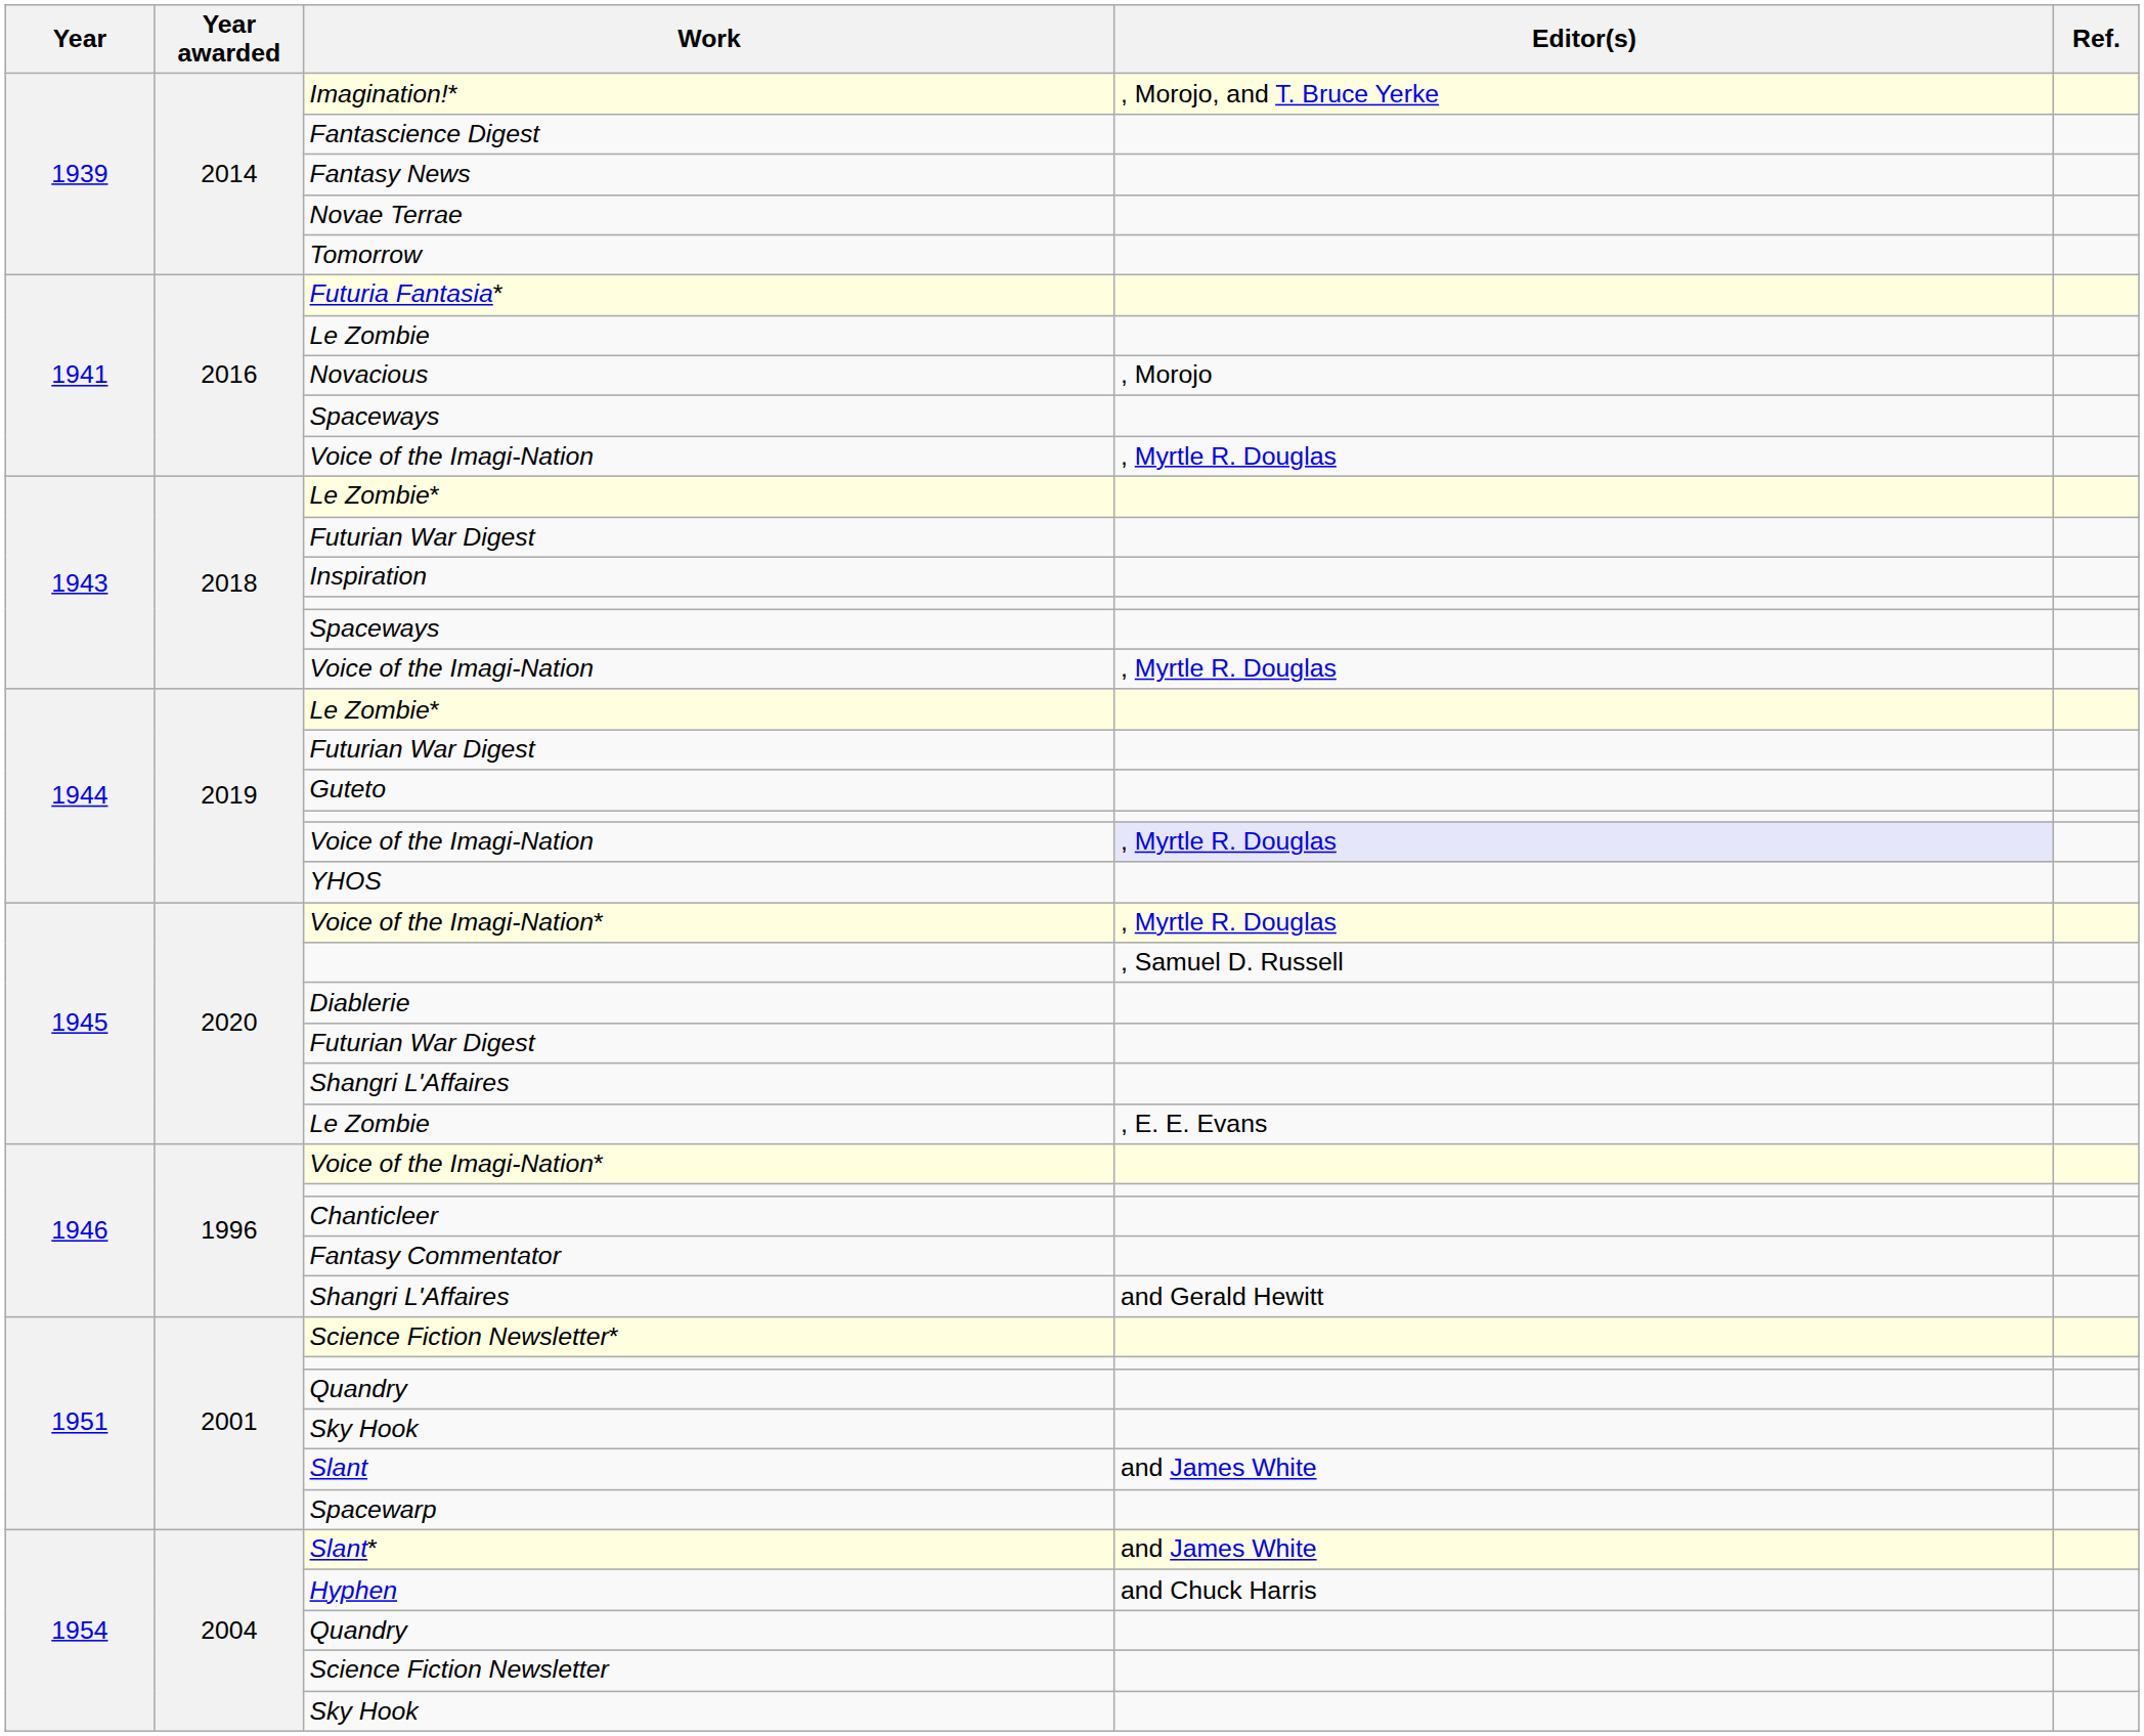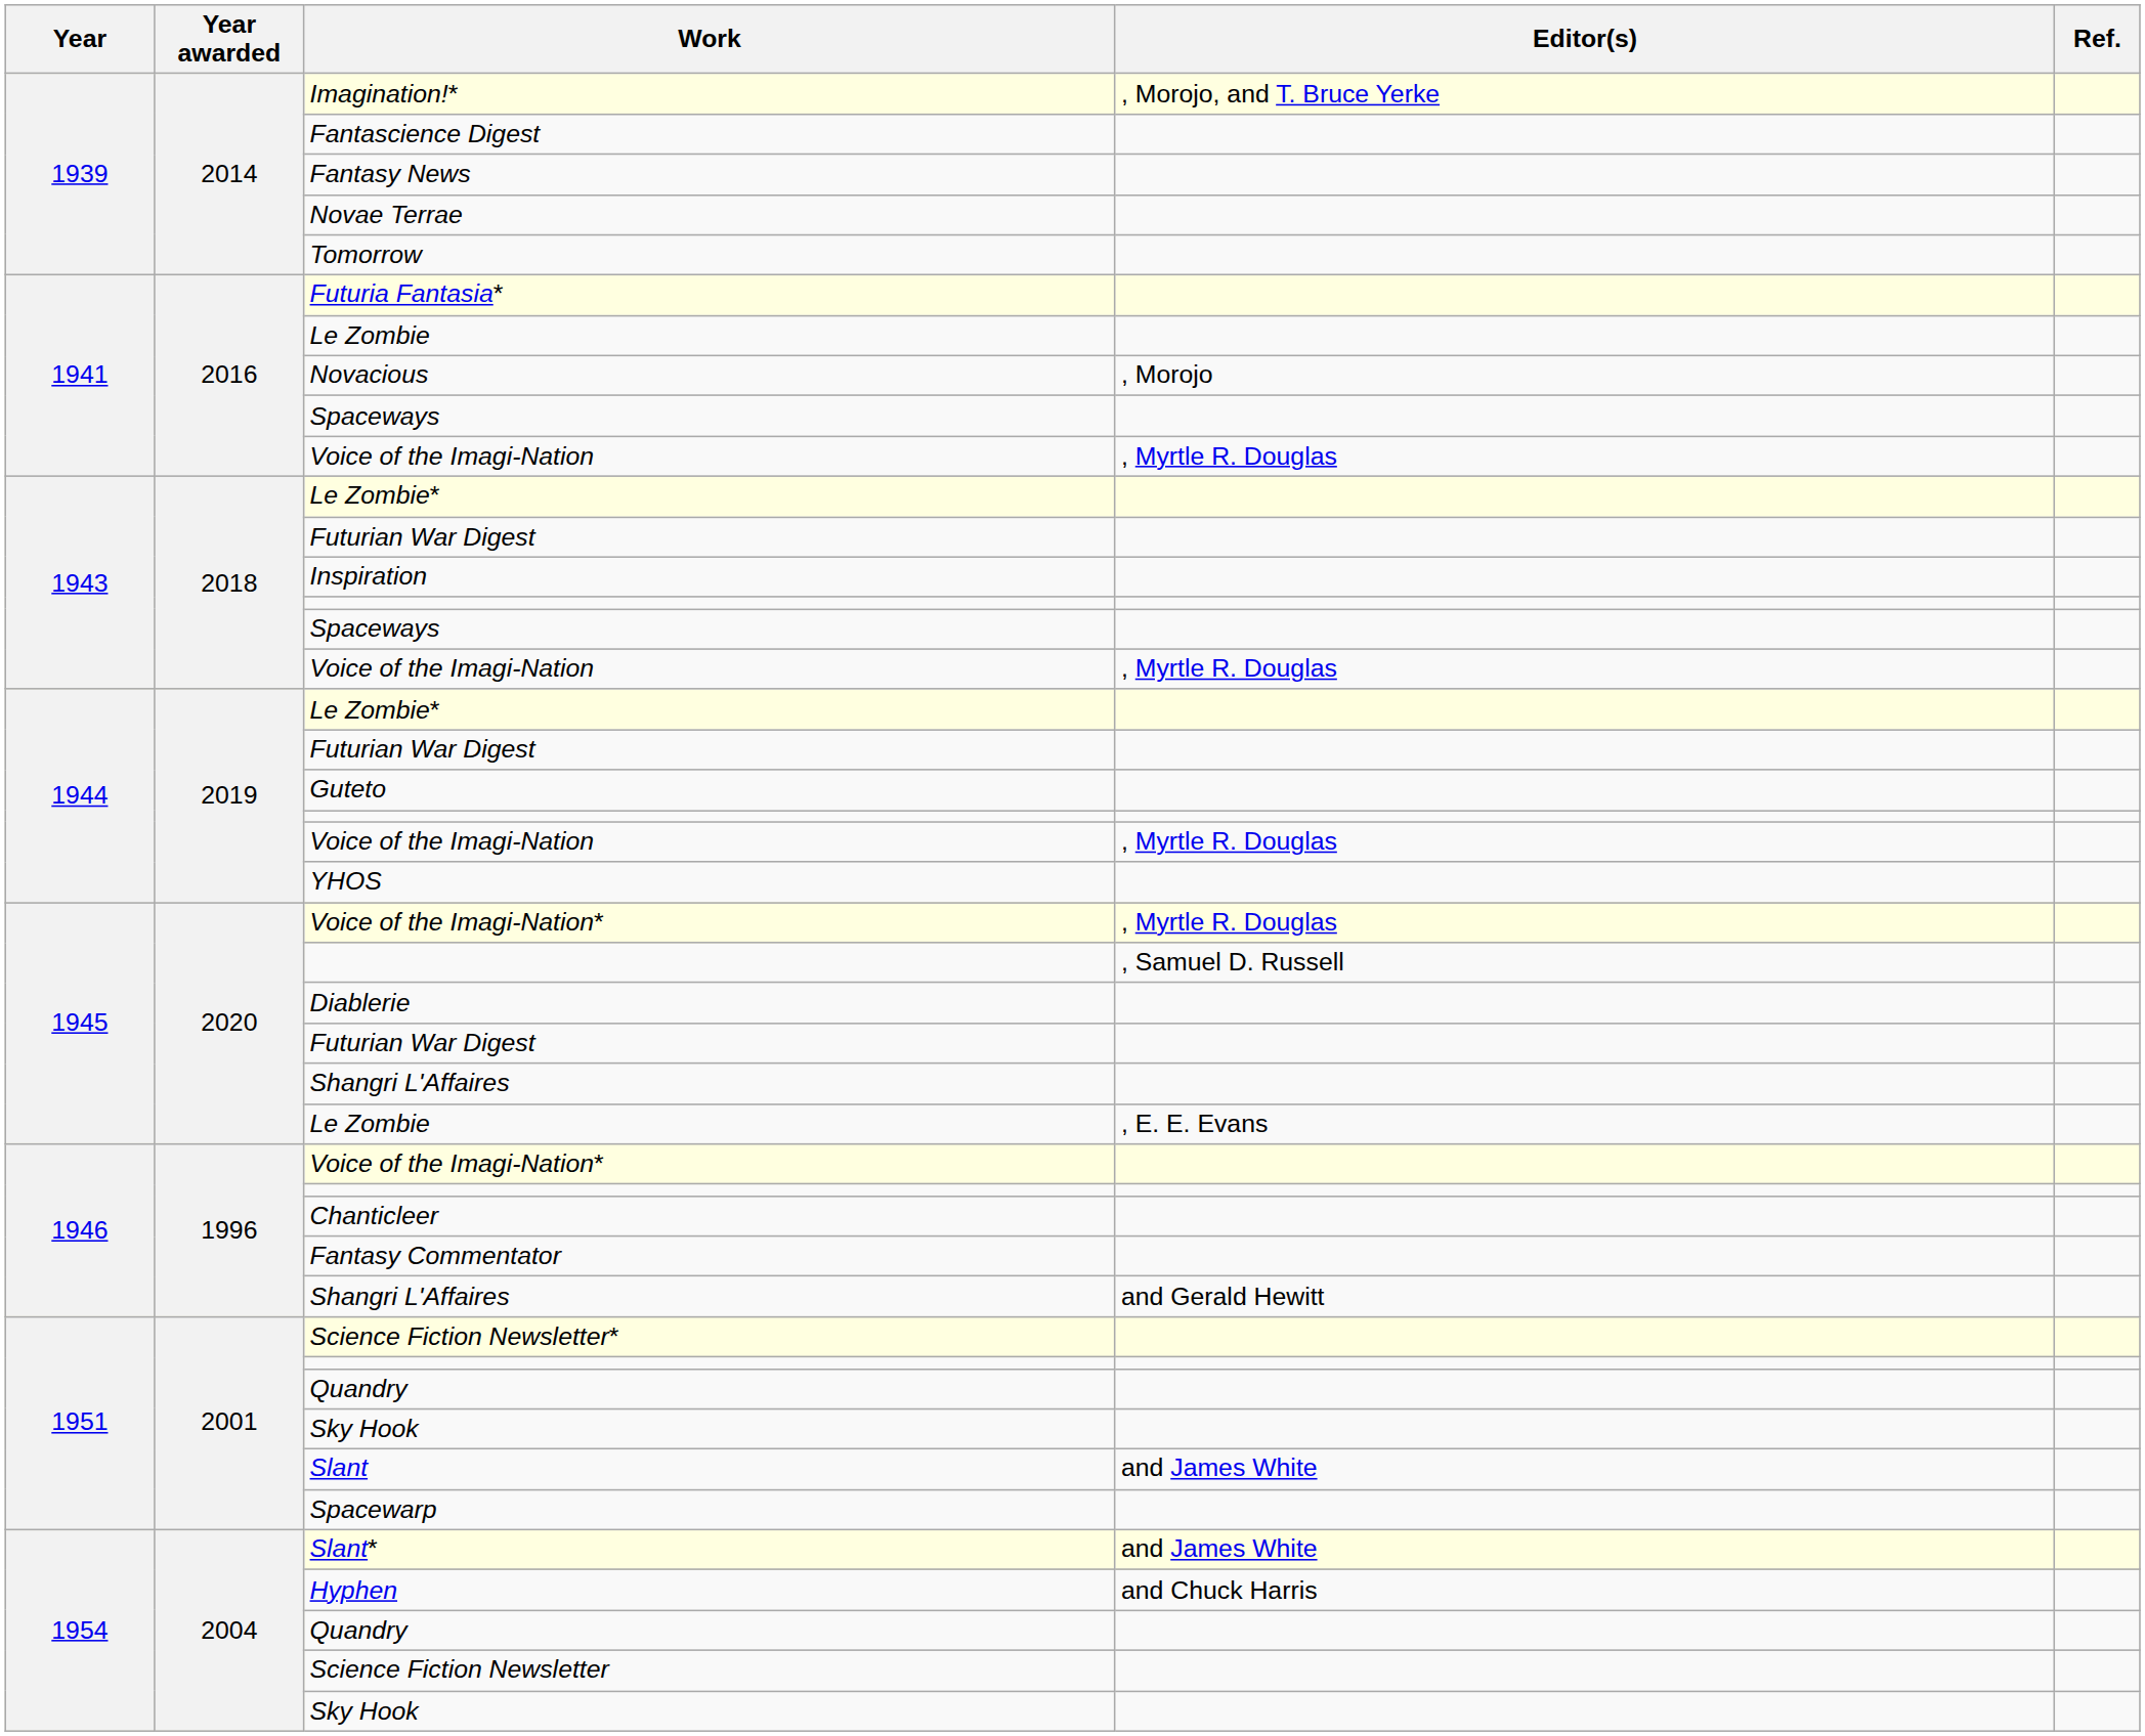 <table class="sortable wikitable" width="85%" cellpadding="5" style="margin: 1em auto 1em auto">
 <tr>
 <th width="7%" scope="col">Year</th>
 <th width="7%" scope="col">Year awarded</th>
 <th width="38%" scope="col">Work</th>
 <th width="44%" scope="col">Editor(s)</th>
 <th width="4%" scope="col" class="unsortable">Ref.</th>
 </tr>
 <tr style="background:lightyellow;">
 <th scope="rowgroup" align="center" rowspan="5" style="font-weight:normal;"><a href='#'>1939</a></th>
 <th align="center" rowspan="5" style="font-weight:normal;">2014</th>
 <td><em>Imagination!</em>*</td>
 <td>, Morojo, and <a href='#'>T. Bruce Yerke</a></td>
 <td align="center"></td>
 </tr>
 <tr>
 <td><em>Fantascience Digest</em></td>
 <td></td>
 <td align="center"></td>
 </tr>
 <tr>
 <td><em>Fantasy News</em></td>
 <td></td>
 <td align="center"></td>
 </tr>
 <tr>
 <td><em>Novae Terrae</em></td>
 <td></td>
 <td align="center"></td>
 </tr>
 <tr>
 <td><em>Tomorrow</em></td>
 <td></td>
 <td align="center"></td>
 </tr>
 <tr style="background:lightyellow;">
 <th scope="rowgroup" align="center" rowspan="5" style="font-weight:normal;"><a href='#'>1941</a></th>
 <th align="center" rowspan="5" style="font-weight:normal;">2016</th>
 <td><em><a href='#'>Futuria Fantasia</a></em>*</td>
 <td></td>
 <td align="center"></td>
 </tr>
 <tr>
 <td><em>Le Zombie</em></td>
 <td></td>
 <td align="center"></td>
 </tr>
 <tr>
 <td><em>Novacious</em></td>
 <td>, Morojo</td>
 <td align="center"></td>
 </tr>
 <tr>
 <td><em>Spaceways</em></td>
 <td></td>
 <td align="center"></td>
 </tr>
 <tr>
 <td><em>Voice of the Imagi-Nation</em></td>
 <td>, <a href='#'>Myrtle R. Douglas</a></td>
 <td align="center"></td>
 </tr>
 <tr style="background:lightyellow;">
 <th scope="rowgroup" align="center" rowspan="6" style="font-weight:normal;"><a href='#'>1943</a></th>
 <th align="center" rowspan="6" style="font-weight:normal;">2018</th>
 <td><em>Le Zombie</em>*</td>
 <td></td>
 <td align="center"></td>
 </tr>
 <tr>
 <td><em>Futurian War Digest</em></td>
 <td></td>
 <td align="center"></td>
 </tr>
 <tr>
 <td><em>Inspiration</em></td>
 <td></td>
 <td align="center"></td>
 </tr>
 <tr>
 <td><em></em></td>
 <td></td>
 <td align="center"></td>
 </tr>
 <tr>
 <td><em>Spaceways</em></td>
 <td></td>
 <td align="center"></td>
 </tr>
 <tr>
 <td><em>Voice of the Imagi-Nation</em></td>
 <td>, <a href='#'>Myrtle R. Douglas</a></td>
 <td align="center"></td>
 </tr>
 <tr style="background:lightyellow;">
 <th scope="rowgroup" align="center" rowspan="6" style="font-weight:normal;"><a href='#'>1944</a></th>
 <th align="center" rowspan="6" style="font-weight:normal;">2019</th>
 <td><em>Le Zombie</em>*</td>
 <td></td>
 <td align="center"></td>
 </tr>
 <tr>
 <td><em>Futurian War Digest</em></td>
 <td></td>
 <td align="center"></td>
 </tr>
 <tr>
 <td><em>Guteto</em></td>
 <td></td>
 <td align="center"></td>
 </tr>
 <tr>
 <td><em></em></td>
 <td></td>
 <td align="center"></td>
 </tr>
 <tr>
 <td><em>Voice of the Imagi-Nation</em></td>
-<td style="background: lavender;">, <a href='#'>Myrtle R. Douglas</a></td>
+<td>, <a href='#'>Myrtle R. Douglas</a></td>
 <td align="center"></td>
 </tr>
 <tr>
 <td><em>YHOS</em></td>
 <td></td>
 <td align="center"></td>
 </tr>
 <tr style="background:lightyellow;">
 <th scope="rowgroup" align="center" rowspan="6" style="font-weight:normal;"><a href='#'>1945</a></th>
 <th align="center" rowspan="6" style="font-weight:normal;">2020</th>
 <td><em>Voice of the Imagi-Nation</em>*</td>
 <td>, <a href='#'>Myrtle R. Douglas</a></td>
 <td align="center"></td>
 </tr>
 <tr>
 <td></td>
 <td>, Samuel D. Russell</td>
 <td align="center"></td>
 </tr>
 <tr>
 <td><em>Diablerie</em></td>
 <td></td>
 <td align="center"></td>
 </tr>
 <tr>
 <td><em>Futurian War Digest</em></td>
 <td></td>
 <td align="center"></td>
 </tr>
 <tr>
 <td><em>Shangri L'Affaires</em></td>
 <td></td>
 <td align="center"></td>
 </tr>
 <tr>
 <td><em>Le Zombie</em></td>
 <td>, E. E. Evans</td>
 <td align="center"></td>
 </tr>
 <tr style="background:lightyellow;">
 <th scope="rowgroup" align="center" rowspan="5" style="font-weight:normal;"><a href='#'>1946</a></th>
 <th align="center" rowspan="5" style="font-weight:normal;">1996</th>
 <td><em>Voice of the Imagi-Nation</em>*</td>
 <td></td>
 <td align="center"></td>
 </tr>
 <tr>
 <td></td>
 <td></td>
 <td align="center"></td>
 </tr>
 <tr>
 <td><em>Chanticleer</em></td>
 <td></td>
 <td align="center"></td>
 </tr>
 <tr>
 <td><em>Fantasy Commentator</em></td>
 <td></td>
 <td align="center"></td>
 </tr>
 <tr>
 <td><em>Shangri L'Affaires</em></td>
 <td> and Gerald Hewitt</td>
 <td align="center"></td>
 </tr>
 <tr style="background:lightyellow;">
 <th scope="rowgroup" align="center" rowspan="6" style="font-weight:normal;"><a href='#'>1951</a></th>
 <th align="center" rowspan="6" style="font-weight:normal;">2001</th>
 <td><em>Science Fiction Newsletter</em>*</td>
 <td></td>
 <td align="center"></td>
 </tr>
 <tr>
 <td></td>
 <td></td>
 <td align="center"></td>
 </tr>
 <tr>
 <td><em>Quandry</em></td>
 <td></td>
 <td align="center"></td>
 </tr>
 <tr>
 <td><em>Sky Hook</em></td>
 <td></td>
 <td align="center"></td>
 </tr>
 <tr>
 <td><em><a href='#'>Slant</a></em></td>
 <td> and <a href='#'>James White</a></td>
 <td align="center"></td>
 </tr>
 <tr>
 <td><em>Spacewarp</em></td>
 <td></td>
 <td align="center"></td>
 </tr>
 <tr style="background:lightyellow;">
 <th scope="rowgroup" align="center" rowspan="5" style="font-weight:normal;"><a href='#'>1954</a></th>
 <th align="center" rowspan="5" style="font-weight:normal;">2004</th>
 <td><em><a href='#'>Slant</a></em>*</td>
 <td> and <a href='#'>James White</a></td>
 <td align="center"></td>
 </tr>
 <tr>
 <td><em><a href='#'>Hyphen</a></em></td>
 <td> and Chuck Harris</td>
 <td align="center"></td>
 </tr>
 <tr>
 <td><em>Quandry</em></td>
 <td></td>
 <td align="center"></td>
 </tr>
 <tr>
 <td><em>Science Fiction Newsletter</em></td>
 <td></td>
 <td align="center"></td>
 </tr>
 <tr>
 <td><em>Sky Hook</em></td>
 <td></td>
 <td align="center"></td>
 </tr>
 </table>
